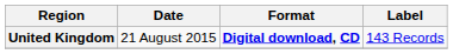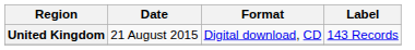 <table class="wikitable sortable plainrowheaders">
 <tr>
 <th>Region</th>
 <th>Date</th>
 <th>Format</th>
 <th>Label</th>
 </tr>
 <tr>
 <th scope="row">United Kingdom</th>
 <td>21 August 2015</td>
-<td><strong><a href='#'>Digital download</a>, <a href='#'>CD</a></strong></td>
+<td><a href='#'>Digital download</a>, <a href='#'>CD</a></td>
 <td><a href='#'>143 Records</a></td>
 </tr>
 <tr>
 </tr>
 </table>
